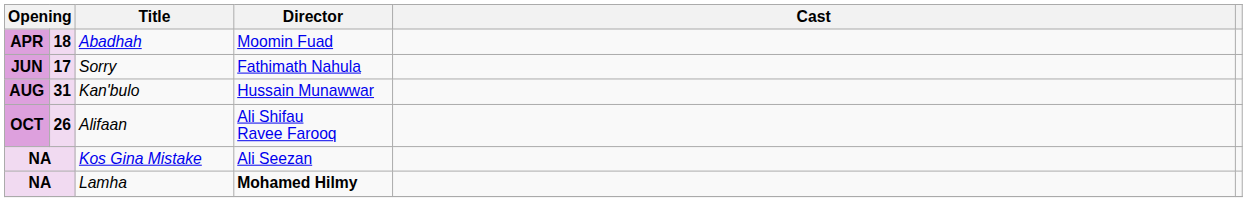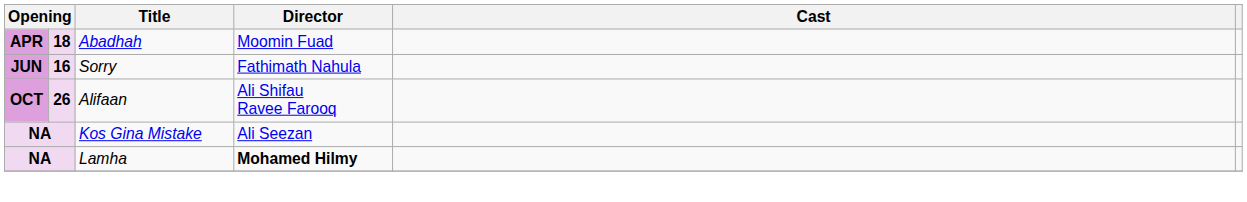 <table class="wikitable plainrowheaders" width="100%">
 <tr>
 <th scope="col" colspan="2" width="4%">Opening</th>
 <th scope="col" width="13%">Title</th>
 <th scope="col" width="13%">Director</th>
 <th scope="col" width="70%">Cast</th>
 <th scope="col" width="2%"></th>
 </tr>
 <tr>
 <td style="text-align:center; background:plum; textcolor:#000;"><strong>APR</strong></td>
 <td style="text-align:center; background:#f1daf1;"><strong>18</strong></td>
 <td><em><a href='#'>Abadhah</a></em></td>
 <td><a href='#'>Moomin Fuad</a></td>
 <td></td>
 <td style="text-align:center;"></td>
 </tr>
 <tr>
 <td style="text-align:center; background:plum; textcolor:#000;"><strong>JUN</strong></td>
-<td style="text-align:center; background:#f1daf1;"><strong>17</strong></td>
+<td style="text-align:center; background:#f1daf1;"><strong>16</strong></td>
 <td><em>Sorry</em></td>
 <td><a href='#'>Fathimath Nahula</a></td>
 <td></td>
 <td style="text-align:center;"></td>
-</tr>
-<tr>
-<td style="text-align:center; background:plum; textcolor:#000;"><strong>AUG</strong></td>
-<td style="text-align:center; background:#f1daf1;"><strong>31</strong></td>
-<td><em>Kan'bulo</em></td>
-<td><a href='#'>Hussain Munawwar</a></td>
-<td></td>
-<td></td>
 </tr>
 <tr>
 <td style="text-align:center; background:plum; textcolor:#000;"><strong>OCT</strong></td>
 <td style="text-align:center; background:#f1daf1;"><strong>26</strong></td>
 <td><em>Alifaan</em></td>
 <td><a href='#'>Ali Shifau</a><br><a href='#'>Ravee Farooq</a></td>
 <td></td>
 <td style="text-align:center;"></td>
 </tr>
 <tr>
 <td colspan="2" style="text-align:center; background:#f1daf1;"><strong>NA</strong></td>
 <td><em><a href='#'>Kos Gina Mistake</a></em></td>
 <td><a href='#'>Ali Seezan</a></td>
 <td></td>
 <td style="text-align:center;"></td>
 </tr>
 <tr>
 <td colspan="2" style="text-align:center; background:#f1daf1;"><strong>NA</strong></td>
 <td><em>Lamha</em></td>
 <td><strong>Mohamed Hilmy</strong></td>
 <td></td>
 <td style="text-align:center;"></td>
 </tr>
 <tr>
 </tr>
 </table>
